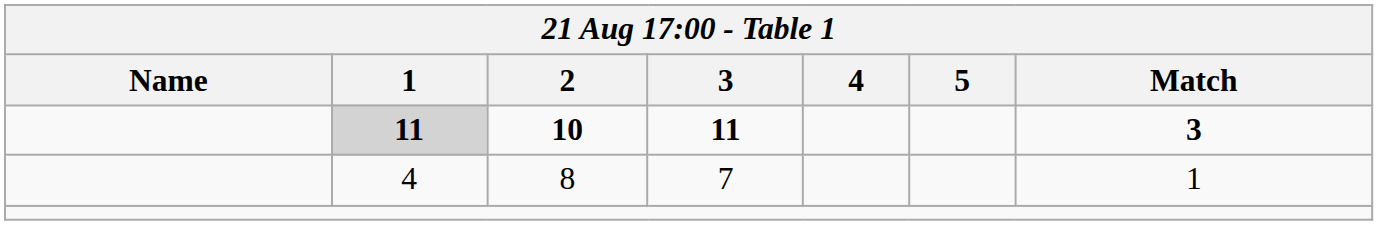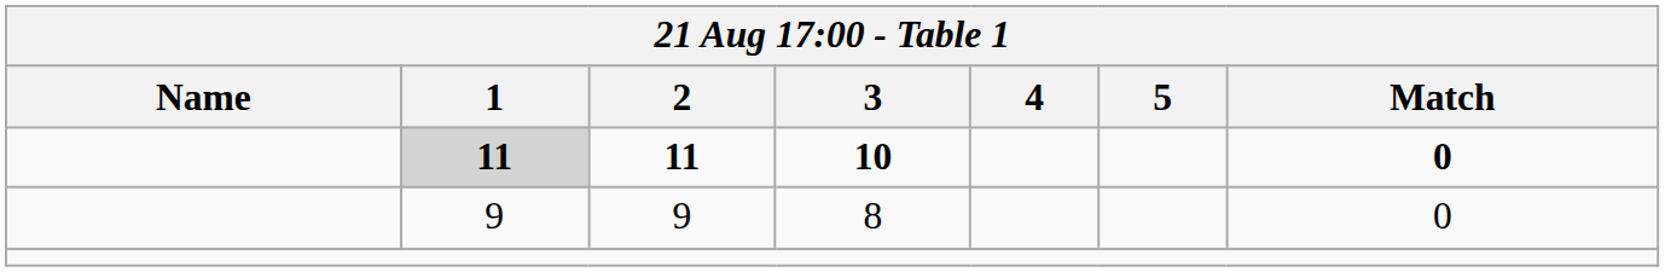 <table class=wikitable style="text-align:center; width: 55%">
 <tr>
 <th colspan=17><em>21 Aug 17:00 - Table 1</em></th>
 </tr>
 <tr>
 <th>Name</th>
 <th>1</th>
 <th>2</th>
 <th>3</th>
 <th>4</th>
 <th>5</th>
 <th>Match</th>
 </tr>
 <tr>
 <td style="text-align:left;"><strong></strong></td>
 <td style="background: lightgrey;"><strong>11</strong></td>
+<td><strong>11</strong></td>
 <td><strong>10</strong></td>
-<td><strong>11</strong></td>
 <td></td>
 <td></td>
-<td><strong>3</strong></td>
+<td><strong>0</strong></td>
 </tr>
 <tr>
 <td style="text-align:left;"></td>
-<td>4</td>
+<td>9</td>
+<td>9</td>
 <td>8</td>
-<td>7</td>
 <td></td>
 <td></td>
-<td>1</td>
+<td>0</td>
 </tr>
 <tr>
 <td colspan=17></td>
 </tr>
 </table>
